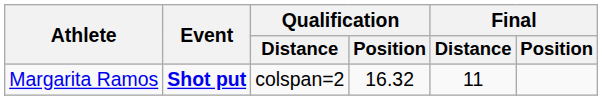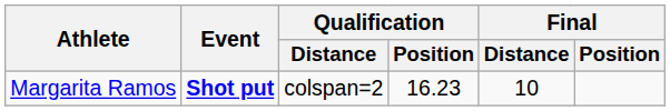 <table class=wikitable style="font-size:90%">
 <tr>
 <th rowspan="2">Athlete</th>
 <th rowspan="2">Event</th>
 <th colspan="2">Qualification</th>
 <th colspan="2">Final</th>
 </tr>
 <tr style="font-size:95%">
 <th>Distance</th>
 <th>Position</th>
 <th>Distance</th>
 <th>Position</th>
 </tr>
 <tr align=center>
 <td align=left><a href='#'>Margarita Ramos</a></td>
 <td align=left><strong><a href='#'>Shot put</a></strong></td>
 <td>colspan=2 </td>
-<td>16.32</td>
-<td>11</td>
+<td>16.23</td>
+<td>10</td>
 </tr>
 </table>
